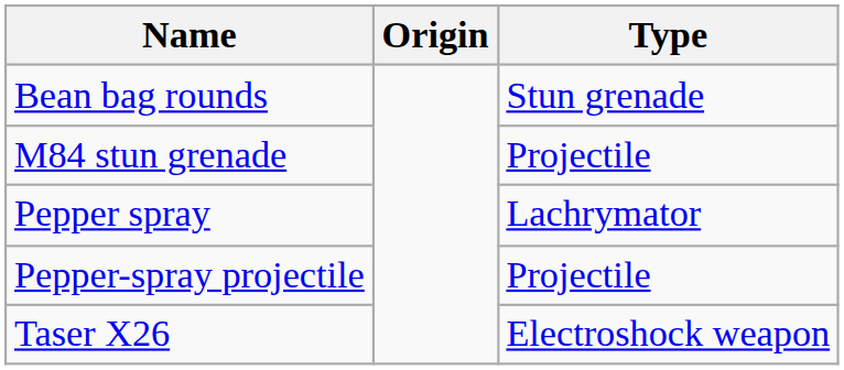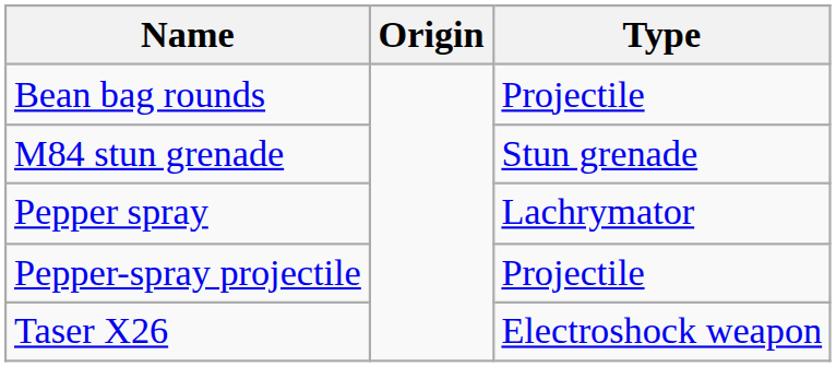 <table class="wikitable">
 <tr>
 <th>Name</th>
 <th>Origin</th>
 <th>Type</th>
 </tr>
 <tr>
 <td><a href='#'>Bean bag rounds</a></td>
 <td rowspan="5"></td>
-<td><a href='#'>Stun grenade</a></td>
+<td><a href='#'>Projectile</a></td>
 </tr>
 <tr>
 <td><a href='#'>M84 stun grenade</a></td>
-<td><a href='#'>Projectile</a></td>
+<td><a href='#'>Stun grenade</a></td>
 </tr>
 <tr>
 <td><a href='#'>Pepper spray</a></td>
 <td><a href='#'>Lachrymator</a></td>
 </tr>
 <tr>
 <td><a href='#'>Pepper-spray projectile</a></td>
 <td><a href='#'>Projectile</a></td>
 </tr>
 <tr>
 <td><a href='#'>Taser X26</a></td>
 <td><a href='#'>Electroshock weapon</a></td>
 </tr>
 </table>
